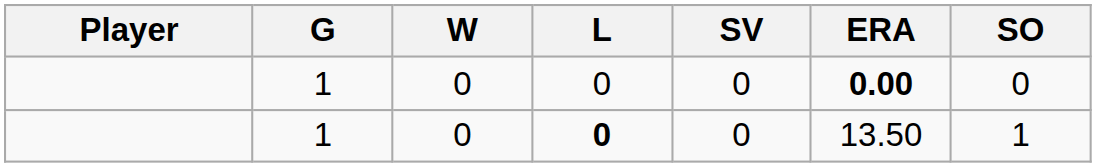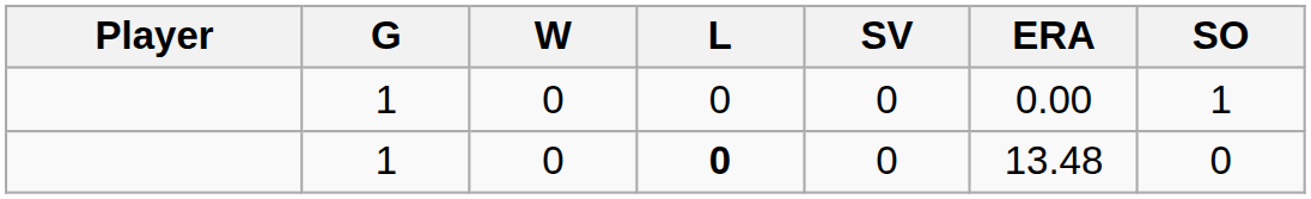 <table class="wikitable sortable">
 <tr>
 <th bgcolor="#DDDDFF" width="16%">Player</th>
 <th bgcolor="#DDDDFF" width="9%">G</th>
 <th bgcolor="#DDDDFF" width="9%">W</th>
 <th bgcolor="#DDDDFF" width="9%">L</th>
 <th bgcolor="#DDDDFF" width="9%">SV</th>
 <th bgcolor="#DDDDFF" width="9%">ERA</th>
 <th bgcolor="#DDDDFF" width="9%">SO</th>
 </tr>
 <tr align="center">
 <td></td>
 <td>1</td>
 <td>0</td>
 <td>0</td>
 <td>0</td>
-<td><strong>0.00</strong></td>
-<td>0</td>
+<td>0.00</td>
+<td>1</td>
 </tr>
 <tr align="center">
 <td></td>
 <td>1</td>
 <td>0</td>
 <td><strong>0</strong></td>
 <td>0</td>
-<td>13.50</td>
-<td>1</td>
+<td>13.48</td>
+<td>0</td>
 </tr>
 </table>
